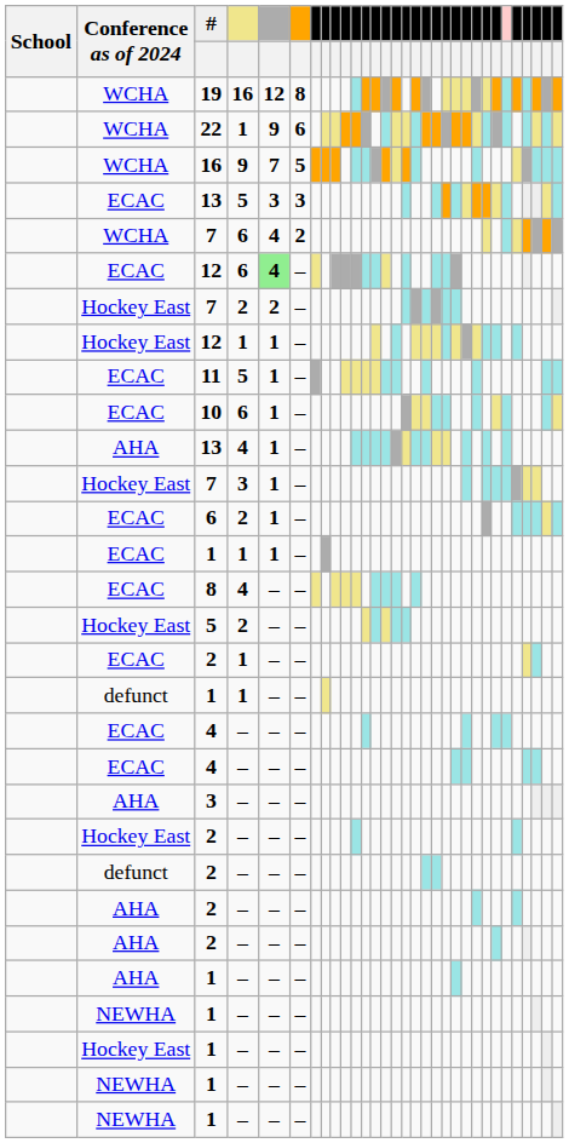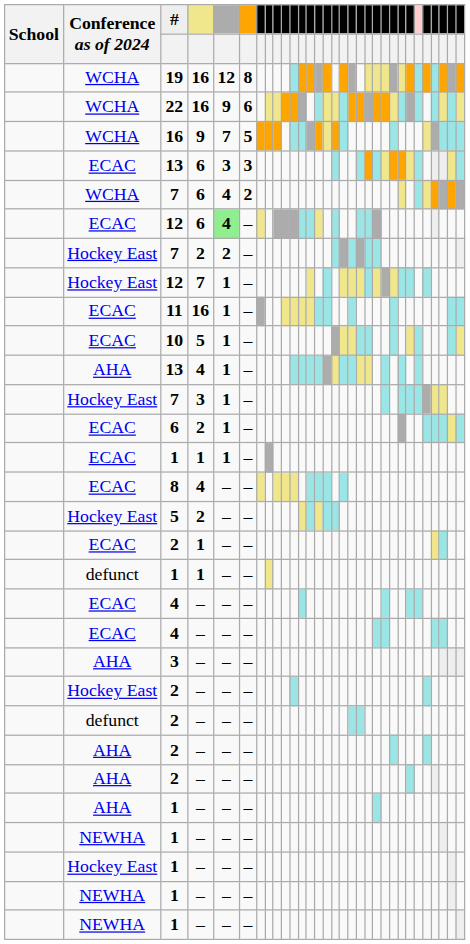 <table class="wikitable sortable sticky-table-head sticky-table-col1" style="font-size:90%; text-align: center;">
 <tr>
 <th rowspan=2>School</th>
 <th rowspan=2>Conference<br><em>as of 2024</em></th>
 <th style="background: #EEEEEE;">#</th>
 <th style="background: #F0E68C;"></th>
 <th style="background: #ACACAC;"></th>
 <th style="background: #FFA500;"></th>
 <th style="background: black;"><a href='#'></a></th>
 <th style="background: black;"><a href='#'></a></th>
 <th style="background: black;"><a href='#'></a></th>
 <th style="background: black;"><a href='#'></a></th>
 <th style="background: black;"><a href='#'></a></th>
 <th style="background: black;"><a href='#'></a></th>
 <th style="background: black;"><a href='#'></a></th>
 <th style="background: black;"><a href='#'></a></th>
 <th style="background: black;"><a href='#'></a></th>
 <th style="background: black;"><a href='#'></a></th>
 <th style="background: black;"><a href='#'></a></th>
 <th style="background: black;"><a href='#'></a></th>
 <th style="background: black;"><a href='#'></a></th>
 <th style="background: black;"><a href='#'></a></th>
 <th style="background: black;"><a href='#'></a></th>
 <th style="background: black;"><a href='#'></a></th>
 <th style="background: black;"><a href='#'></a></th>
 <th style="background: black;"><a href='#'></a></th>
 <th style="background: black;"><a href='#'></a></th>
 <th style="background: #FFCDCD;"><a href='#'></a></th>
 <th style="background: black;"><a href='#'></a></th>
 <th style="background: black;"><a href='#'></a></th>
 <th style="background: black;"><a href='#'></a></th>
 <th style="background: black;"><a href='#'></a></th>
 <th style="background: black;"><a href='#'></a></th>
 </tr>
 <tr>
 <th class="sticky-table-none"><br></th>
 <th></th>
 <th></th>
 <th></th>
 <th></th>
 <th></th>
 <th></th>
 <th></th>
 <th></th>
 <th></th>
 <th></th>
 <th></th>
 <th></th>
 <th></th>
 <th></th>
 <th></th>
 <th></th>
 <th></th>
 <th></th>
 <th></th>
 <th></th>
 <th></th>
 <th></th>
 <th></th>
 <th></th>
 <th></th>
 <th></th>
 <th></th>
 <th></th>
 </tr>
 <tr>
 <td><strong><a href='#'></a></strong></td>
 <td><a href='#'>WCHA</a></td>
 <td><strong>19</strong></td>
 <td><strong>16</strong></td>
 <td><strong>12</strong></td>
 <td><strong>8</strong></td>
 <td></td>
 <td></td>
 <td></td>
 <td></td>
 <td style="background:#9AE5E5"></td>
 <td style="background:#FFA500;"><strong></strong></td>
 <td style="background:#FFA500;"><strong></strong></td>
 <td style="background:#ACACAC"></td>
 <td style="background:#FFA500;"><strong></strong></td>
 <td></td>
 <td style="background:#FFA500;"><strong></strong></td>
 <td style="background:#ACACAC"></td>
 <td></td>
 <td style="background:#F0E68C"></td>
 <td style="background:#F0E68C"></td>
 <td style="background:#F0E68C"></td>
 <td style="background:#ACACAC"></td>
 <td style="background:#F0E68C"></td>
 <td style="background:#FFA500;"><strong></strong></td>
 <td style="background:#9AE5E5"></td>
 <td style="background:#FFA500;"><strong></strong></td>
 <td style="background:#9AE5E5"></td>
 <td style="background:#FFA500;"><strong></strong></td>
 <td style="background:#ACACAC"></td>
 <td style="background:#FFA500;"><strong></strong></td>
 </tr>
 <tr>
 <td><strong></strong></td>
 <td><a href='#'>WCHA</a></td>
 <td><strong>22</strong></td>
-<td><strong>1</strong></td>
+<td><strong>16</strong></td>
 <td><strong>9</strong></td>
 <td><strong>6</strong></td>
 <td></td>
 <td style="background:#F0E68C"></td>
 <td style="background:#F0E68C"></td>
 <td style="background:#FFA500;"><strong></strong></td>
 <td style="background:#FFA500;"><strong></strong></td>
 <td style="background:#ACACAC"></td>
 <td></td>
 <td style="background:#9AE5E5"></td>
 <td style="background:#F0E68C"></td>
 <td style="background:#F0E68C"></td>
 <td style="background:#9AE5E5"></td>
 <td style="background:#FFA500;"><strong></strong></td>
 <td style="background:#FFA500;"><strong></strong></td>
 <td style="background:#ACACAC"></td>
 <td style="background:#FFA500;"><strong></strong></td>
 <td style="background:#FFA500;"><strong></strong></td>
 <td style="background:#F0E68C"></td>
 <td style="background:#9AE5E5"></td>
 <td style="background:#ACACAC"></td>
 <td style="background:#9AE5E5"></td>
 <td></td>
 <td style="background:#9AE5E5"></td>
 <td style="background:#F0E68C"></td>
 <td style="background:#9AE5E5"></td>
 <td style="background:#F0E68C"></td>
 </tr>
 <tr>
 <td><strong></strong></td>
 <td><a href='#'>WCHA</a></td>
 <td><strong>16</strong></td>
 <td><strong>9</strong></td>
 <td><strong>7</strong></td>
 <td><strong>5</strong></td>
 <td style="background:#FFA500;"><strong></strong></td>
 <td style="background:#FFA500;"><strong></strong></td>
 <td style="background:#FFA500;"><strong></strong></td>
 <td></td>
 <td style="background:#9AE5E5"></td>
 <td style="background:#9AE5E5"></td>
 <td style="background:#ACACAC"></td>
 <td style="background:#FFA500;"><strong></strong></td>
 <td style="background:#F0E68C"></td>
 <td style="background:#FFA500;"><strong></strong></td>
 <td style="background:#9AE5E5"></td>
 <td></td>
 <td></td>
 <td></td>
 <td></td>
 <td></td>
 <td style="background:#9AE5E5"></td>
 <td></td>
 <td></td>
 <td></td>
 <td style="background:#F0E68C"></td>
 <td style="background:#ACACAC"></td>
 <td style="background:#9AE5E5"></td>
 <td style="background:#9AE5E5"></td>
 <td style="background:#9AE5E5"></td>
 </tr>
 <tr>
 <td><strong></strong></td>
 <td><a href='#'>ECAC</a></td>
 <td><strong>13</strong></td>
-<td><strong>5</strong></td>
+<td><strong>6</strong></td>
 <td><strong>3</strong></td>
 <td><strong>3</strong></td>
 <td></td>
 <td></td>
 <td></td>
 <td></td>
 <td></td>
 <td></td>
 <td></td>
 <td></td>
 <td></td>
 <td style="background:#9AE5E5"></td>
 <td></td>
 <td></td>
 <td style="background:#9AE5E5"></td>
 <td style="background:#FFA500;"><strong></strong></td>
 <td style="background:#9AE5E5"></td>
 <td style="background:#F0E68C"></td>
 <td style="background:#FFA500;"><strong></strong></td>
 <td style="background:#FFA500;"><strong></strong></td>
 <td style="background:#F0E68C"></td>
 <td style="background:#9AE5E5"></td>
 <td></td>
 <td style="background:#EEEEEE"></td>
 <td style="background:#EEEEEE"></td>
 <td style="background:#F0E68C"></td>
 <td style="background:#9AE5E5"></td>
 </tr>
 <tr>
 <td><strong><a href='#'></a></strong></td>
 <td><a href='#'>WCHA</a></td>
 <td><strong>7</strong></td>
 <td><strong>6</strong></td>
 <td><strong>4</strong></td>
 <td><strong>2</strong></td>
 <td></td>
 <td></td>
 <td></td>
 <td></td>
 <td></td>
 <td></td>
 <td></td>
 <td></td>
 <td></td>
 <td></td>
 <td></td>
 <td></td>
 <td></td>
 <td></td>
 <td></td>
 <td></td>
 <td></td>
 <td style="background:#F0E68C"></td>
 <td></td>
 <td style="background:#9AE5E5"></td>
 <td style="background:#F0E68C"></td>
 <td style="background:#FFA500;"><strong></strong></td>
 <td style="background:#ACACAC"></td>
 <td style="background:#FFA500;"><strong></strong></td>
 <td style="background:#ACACAC"></td>
 </tr>
 <tr>
 <td><strong><a href='#'></a></strong></td>
 <td><a href='#'>ECAC</a></td>
 <td><strong>12</strong></td>
 <td><strong>6</strong></td>
 <td style="background: lightgreen;"><strong>4</strong></td>
 <td>–</td>
 <td style="background:#F0E68C"></td>
 <td></td>
 <td style="background:#ACACAC"></td>
 <td style="background:#ACACAC"></td>
 <td style="background:#ACACAC"></td>
 <td style="background:#9AE5E5"></td>
 <td style="background:#9AE5E5"></td>
 <td style="background:#F0E68C"></td>
 <td></td>
 <td style="background:#9AE5E5"></td>
 <td></td>
 <td></td>
 <td style="background:#9AE5E5"></td>
 <td style="background:#9AE5E5"></td>
 <td style="background:#ACACAC"></td>
 <td></td>
 <td></td>
 <td></td>
 <td></td>
 <td></td>
 <td></td>
 <td style="background:#EEEEEE"></td>
 <td></td>
 <td></td>
 <td></td>
 </tr>
 <tr>
 <td><strong></strong></td>
 <td><a href='#'>Hockey East</a></td>
 <td><strong>7</strong></td>
 <td><strong>2</strong></td>
 <td><strong>2</strong></td>
 <td>–</td>
 <td></td>
 <td></td>
 <td></td>
 <td></td>
 <td></td>
 <td></td>
 <td></td>
 <td></td>
 <td></td>
 <td style="background:#9AE5E5"></td>
 <td style="background:#ACACAC"></td>
 <td style="background:#9AE5E5"></td>
 <td style="background:#ACACAC"></td>
 <td style="background:#9AE5E5"></td>
 <td style="background:#9AE5E5"></td>
 <td></td>
 <td></td>
 <td></td>
 <td></td>
 <td></td>
 <td></td>
 <td></td>
 <td></td>
 <td></td>
 <td style="background:#EEEEEE"></td>
 </tr>
 <tr>
 <td><strong></strong></td>
 <td><a href='#'>Hockey East</a></td>
 <td><strong>12</strong></td>
-<td><strong>1</strong></td>
+<td><strong>7</strong></td>
 <td><strong>1</strong></td>
 <td>–</td>
 <td></td>
 <td></td>
 <td></td>
 <td></td>
 <td></td>
 <td></td>
 <td style="background:#F0E68C"></td>
 <td></td>
 <td style="background:#9AE5E5"></td>
 <td></td>
 <td style="background:#F0E68C"></td>
 <td style="background:#F0E68C"></td>
 <td style="background:#F0E68C"></td>
 <td style="background:#9AE5E5"></td>
 <td style="background:#F0E68C"></td>
 <td style="background:#ACACAC"></td>
 <td style="background:#F0E68C"></td>
 <td style="background:#9AE5E5"></td>
 <td style="background:#9AE5E5"></td>
 <td></td>
 <td style="background:#9AE5E5"></td>
 <td></td>
 <td></td>
 <td></td>
 <td></td>
 </tr>
 <tr>
 <td><strong><a href='#'></a></strong></td>
 <td><a href='#'>ECAC</a></td>
 <td><strong>11</strong></td>
-<td><strong>5</strong></td>
+<td><strong>16</strong></td>
 <td><strong>1</strong></td>
 <td>–</td>
 <td style="background:#ACACAC"></td>
 <td></td>
 <td></td>
 <td style="background:#F0E68C"></td>
 <td style="background:#F0E68C"></td>
 <td style="background:#F0E68C"></td>
 <td style="background:#F0E68C"></td>
 <td style="background:#9AE5E5"></td>
 <td style="background:#9AE5E5"></td>
 <td></td>
 <td></td>
 <td style="background:#9AE5E5"></td>
 <td></td>
 <td></td>
 <td></td>
 <td></td>
 <td style="background:#9AE5E5"></td>
 <td></td>
 <td></td>
 <td></td>
 <td></td>
 <td></td>
 <td></td>
 <td style="background:#9AE5E5"></td>
 <td style="background:#9AE5E5"></td>
 </tr>
 <tr>
 <td><strong><a href='#'></a></strong></td>
 <td><a href='#'>ECAC</a></td>
 <td><strong>10</strong></td>
-<td><strong>6</strong></td>
+<td><strong>5</strong></td>
 <td><strong>1</strong></td>
 <td>–</td>
 <td></td>
 <td></td>
 <td></td>
 <td></td>
 <td></td>
 <td></td>
 <td></td>
 <td></td>
 <td></td>
 <td style="background:#ACACAC"></td>
 <td style="background:#F0E68C"></td>
 <td style="background:#F0E68C"></td>
 <td style="background:#9AE5E5"></td>
 <td style="background:#9AE5E5"></td>
 <td></td>
 <td></td>
 <td style="background:#9AE5E5"></td>
 <td></td>
 <td style="background:#F0E68C"></td>
 <td style="background:#9AE5E5"></td>
 <td></td>
 <td></td>
 <td></td>
 <td style="background:#9AE5E5"></td>
 <td style="background:#F0E68C"></td>
 </tr>
 <tr>
 <td><strong><a href='#'></a></strong></td>
 <td><a href='#'>AHA</a></td>
 <td><strong>13</strong></td>
 <td><strong>4</strong></td>
 <td><strong>1</strong></td>
 <td>–</td>
 <td></td>
 <td></td>
 <td></td>
 <td></td>
 <td style="background:#9AE5E5"></td>
 <td style="background:#9AE5E5"></td>
 <td style="background:#9AE5E5"></td>
 <td style="background:#9AE5E5"></td>
 <td style="background:#ACACAC"></td>
 <td style="background:#F0E68C"></td>
 <td style="background:#9AE5E5"></td>
 <td style="background:#9AE5E5"></td>
 <td style="background:#F0E68C"></td>
 <td style="background:#F0E68C"></td>
 <td></td>
 <td style="background:#9AE5E5"></td>
 <td></td>
 <td style="background:#9AE5E5"></td>
 <td></td>
 <td style="background:#9AE5E5"></td>
 <td></td>
 <td></td>
 <td></td>
 <td></td>
 <td></td>
 </tr>
 <tr>
 <td><strong><a href='#'></a></strong></td>
 <td><a href='#'>Hockey East</a></td>
 <td><strong>7</strong></td>
 <td><strong>3</strong></td>
 <td><strong>1</strong></td>
 <td>–</td>
 <td></td>
 <td></td>
 <td></td>
 <td></td>
 <td></td>
 <td></td>
 <td></td>
 <td></td>
 <td></td>
 <td></td>
 <td></td>
 <td></td>
 <td></td>
 <td></td>
 <td></td>
 <td style="background:#9AE5E5"></td>
 <td></td>
 <td style="background:#9AE5E5"></td>
 <td style="background:#9AE5E5"></td>
 <td style="background:#9AE5E5"></td>
 <td style="background:#ACACAC"></td>
 <td style="background:#F0E68C"></td>
 <td style="background:#F0E68C"></td>
 <td></td>
 <td></td>
 </tr>
 <tr>
 <td><strong><a href='#'></a></strong></td>
 <td><a href='#'>ECAC</a></td>
 <td><strong>6</strong></td>
 <td><strong>2</strong></td>
 <td><strong>1</strong></td>
 <td>–</td>
 <td></td>
 <td></td>
 <td></td>
 <td></td>
 <td></td>
 <td></td>
 <td></td>
 <td></td>
 <td></td>
 <td></td>
 <td></td>
 <td></td>
 <td></td>
 <td></td>
 <td></td>
 <td></td>
 <td></td>
 <td style="background:#ACACAC"></td>
 <td></td>
 <td></td>
 <td style="background:#9AE5E5"></td>
 <td style="background:#9AE5E5"></td>
 <td style="background:#9AE5E5"></td>
 <td style="background:#F0E68C"></td>
 <td style="background:#9AE5E5"></td>
 </tr>
 <tr>
 <td><strong><a href='#'></a></strong></td>
 <td><a href='#'>ECAC</a></td>
 <td><strong>1</strong></td>
 <td><strong>1</strong></td>
 <td><strong>1</strong></td>
 <td>–</td>
 <td></td>
 <td style="background:#ACACAC"></td>
 <td></td>
 <td></td>
 <td></td>
 <td></td>
 <td></td>
 <td></td>
 <td></td>
 <td></td>
 <td></td>
 <td></td>
 <td></td>
 <td></td>
 <td></td>
 <td></td>
 <td></td>
 <td></td>
 <td></td>
 <td></td>
 <td></td>
 <td></td>
 <td></td>
 <td></td>
 <td></td>
 </tr>
 <tr>
 <td><strong><a href='#'></a></strong></td>
 <td><a href='#'>ECAC</a></td>
 <td><strong>8</strong></td>
 <td><strong>4</strong></td>
 <td>–</td>
 <td>–</td>
 <td style="background:#F0E68C"></td>
 <td></td>
 <td style="background:#F0E68C"></td>
 <td style="background:#F0E68C"></td>
 <td style="background:#F0E68C"></td>
 <td></td>
 <td style="background:#9AE5E5"></td>
 <td style="background:#9AE5E5"></td>
 <td style="background:#9AE5E5"></td>
 <td></td>
 <td style="background:#9AE5E5"></td>
 <td></td>
 <td></td>
 <td></td>
 <td></td>
 <td></td>
 <td></td>
 <td></td>
 <td></td>
 <td></td>
 <td></td>
 <td></td>
 <td></td>
 <td></td>
 <td></td>
 </tr>
 <tr>
 <td><strong></strong></td>
 <td><a href='#'>Hockey East</a></td>
 <td><strong>5</strong></td>
 <td><strong>2</strong></td>
 <td>–</td>
 <td>–</td>
 <td></td>
 <td></td>
 <td></td>
 <td></td>
 <td></td>
 <td style="background:#F0E68C"></td>
 <td style="background:#9AE5E5"></td>
 <td style="background:#F0E68C"></td>
 <td style="background:#9AE5E5"></td>
 <td style="background:#9AE5E5"></td>
 <td></td>
 <td></td>
 <td></td>
 <td></td>
 <td></td>
 <td></td>
 <td></td>
 <td></td>
 <td></td>
 <td></td>
 <td></td>
 <td></td>
 <td></td>
 <td></td>
 <td></td>
 </tr>
 <tr>
 <td><strong><a href='#'></a></strong></td>
 <td><a href='#'>ECAC</a></td>
 <td><strong>2</strong></td>
 <td><strong>1</strong></td>
 <td>–</td>
 <td>–</td>
 <td></td>
 <td></td>
 <td></td>
 <td></td>
 <td></td>
 <td></td>
 <td></td>
 <td></td>
 <td></td>
 <td></td>
 <td></td>
 <td></td>
 <td></td>
 <td></td>
 <td></td>
 <td></td>
 <td></td>
 <td></td>
 <td></td>
 <td></td>
 <td></td>
 <td style="background:#F0E68C"></td>
 <td style="background:#9AE5E5"></td>
 <td></td>
 <td></td>
 </tr>
 <tr>
 <td><em><a href='#'></a></em></td>
 <td>defunct</td>
 <td><strong>1</strong></td>
 <td><strong>1</strong></td>
 <td>–</td>
 <td>–</td>
 <td></td>
 <td style="background:#F0E68C"></td>
 <td></td>
 <td></td>
 <td></td>
 <td></td>
 <td></td>
 <td></td>
 <td></td>
 <td></td>
 <td></td>
 <td></td>
 <td></td>
 <td></td>
 <td></td>
 <td></td>
 <td></td>
 <td></td>
 <td></td>
 <td></td>
 <td></td>
 <td></td>
 <td></td>
 <td></td>
 <td></td>
 </tr>
 <tr>
 <td><strong></strong></td>
 <td><a href='#'>ECAC</a></td>
 <td><strong>4</strong></td>
 <td>–</td>
 <td>–</td>
 <td>–</td>
 <td></td>
 <td></td>
 <td></td>
 <td></td>
 <td></td>
 <td style="background:#9AE5E5"></td>
 <td></td>
 <td></td>
 <td></td>
 <td></td>
 <td></td>
 <td></td>
 <td></td>
 <td></td>
 <td></td>
 <td style="background:#9AE5E5"></td>
 <td></td>
 <td></td>
 <td style="background:#9AE5E5"></td>
 <td style="background:#9AE5E5"></td>
 <td></td>
 <td></td>
 <td></td>
 <td></td>
 <td></td>
 </tr>
 <tr>
 <td><strong></strong></td>
 <td><a href='#'>ECAC</a></td>
 <td><strong>4</strong></td>
 <td>–</td>
 <td>–</td>
 <td>–</td>
 <td></td>
 <td></td>
 <td></td>
 <td></td>
 <td></td>
 <td></td>
 <td></td>
 <td></td>
 <td></td>
 <td></td>
 <td></td>
 <td></td>
 <td></td>
 <td></td>
 <td style="background:#9AE5E5"></td>
 <td style="background:#9AE5E5"></td>
 <td></td>
 <td></td>
 <td></td>
 <td></td>
 <td></td>
 <td style="background:#9AE5E5"></td>
 <td style="background:#9AE5E5"></td>
 <td></td>
 <td></td>
 </tr>
 <tr>
 <td><strong><a href='#'></a></strong></td>
 <td><a href='#'>AHA</a></td>
 <td><strong>3</strong></td>
 <td>–</td>
 <td>–</td>
 <td>–</td>
 <td></td>
 <td></td>
 <td></td>
 <td></td>
 <td></td>
 <td></td>
 <td></td>
 <td></td>
 <td></td>
 <td></td>
 <td></td>
 <td></td>
 <td></td>
 <td></td>
 <td></td>
 <td></td>
 <td></td>
 <td></td>
 <td></td>
 <td></td>
 <td></td>
 <td></td>
 <td style="background:#EEEEEE"></td>
 <td style="background:#EEEEEE"></td>
 <td style="background:#EEEEEE"></td>
 </tr>
 <tr>
 <td><strong></strong></td>
 <td><a href='#'>Hockey East</a></td>
 <td><strong>2</strong></td>
 <td>–</td>
 <td>–</td>
 <td>–</td>
 <td></td>
 <td></td>
 <td></td>
 <td></td>
 <td style="background:#9AE5E5"></td>
 <td></td>
 <td></td>
 <td></td>
 <td></td>
 <td></td>
 <td></td>
 <td></td>
 <td></td>
 <td></td>
 <td></td>
 <td></td>
 <td></td>
 <td></td>
 <td></td>
 <td></td>
 <td style="background:#9AE5E5"></td>
 <td></td>
 <td></td>
 <td></td>
 <td></td>
 </tr>
 <tr>
 <td><em><a href='#'></a></em></td>
 <td>defunct</td>
 <td><strong>2</strong></td>
 <td>–</td>
 <td>–</td>
 <td>–</td>
 <td></td>
 <td></td>
 <td></td>
 <td></td>
 <td></td>
 <td></td>
 <td></td>
 <td></td>
 <td></td>
 <td></td>
 <td></td>
 <td style="background:#9AE5E5"></td>
 <td style="background:#9AE5E5"></td>
 <td></td>
 <td></td>
 <td></td>
 <td></td>
 <td></td>
 <td></td>
 <td></td>
 <td></td>
 <td></td>
 <td></td>
 <td></td>
 <td></td>
 </tr>
 <tr>
 <td><strong><a href='#'></a></strong></td>
 <td><a href='#'>AHA</a></td>
 <td><strong>2</strong></td>
 <td>–</td>
 <td>–</td>
 <td>–</td>
 <td></td>
 <td></td>
 <td></td>
 <td></td>
 <td></td>
 <td></td>
 <td></td>
 <td></td>
 <td></td>
 <td></td>
 <td></td>
 <td></td>
 <td></td>
 <td></td>
 <td></td>
 <td></td>
 <td style="background:#9AE5E5"></td>
 <td></td>
 <td></td>
 <td></td>
 <td style="background:#9AE5E5"></td>
 <td></td>
 <td></td>
 <td></td>
 <td></td>
 </tr>
 <tr>
 <td><strong></strong></td>
 <td><a href='#'>AHA</a></td>
 <td><strong>2</strong></td>
 <td>–</td>
 <td>–</td>
 <td>–</td>
 <td></td>
 <td></td>
 <td></td>
 <td></td>
 <td></td>
 <td></td>
 <td></td>
 <td></td>
 <td></td>
 <td></td>
 <td></td>
 <td></td>
 <td></td>
 <td></td>
 <td></td>
 <td></td>
 <td></td>
 <td></td>
 <td style="background:#9AE5E5"></td>
 <td></td>
 <td></td>
 <td style="background:#EEEEEE"></td>
 <td></td>
 <td></td>
 <td></td>
 </tr>
 <tr>
 <td><strong><a href='#'></a></strong></td>
 <td><a href='#'>AHA</a></td>
 <td><strong>1</strong></td>
 <td>–</td>
 <td>–</td>
 <td>–</td>
 <td></td>
 <td></td>
 <td></td>
 <td></td>
 <td></td>
 <td></td>
 <td></td>
 <td></td>
 <td></td>
 <td></td>
 <td></td>
 <td></td>
 <td></td>
 <td></td>
 <td style="background:#9AE5E5"></td>
 <td></td>
 <td></td>
 <td></td>
 <td></td>
 <td></td>
 <td></td>
 <td></td>
 <td></td>
 <td></td>
 <td></td>
 </tr>
 <tr>
 <td><strong><a href='#'></a></strong></td>
 <td><a href='#'>NEWHA</a></td>
 <td><strong>1</strong></td>
 <td>–</td>
 <td>–</td>
 <td>–</td>
 <td></td>
 <td></td>
 <td></td>
 <td></td>
 <td></td>
 <td></td>
 <td></td>
 <td></td>
 <td></td>
 <td></td>
 <td></td>
 <td></td>
 <td></td>
 <td></td>
 <td></td>
 <td></td>
 <td></td>
 <td></td>
 <td></td>
 <td></td>
 <td></td>
 <td></td>
 <td style="background:#EEEEEE"></td>
 <td></td>
 <td></td>
 </tr>
 <tr>
 <td><strong><a href='#'></a></strong></td>
 <td><a href='#'>Hockey East</a></td>
 <td><strong>1</strong></td>
 <td>–</td>
 <td>–</td>
 <td>–</td>
 <td></td>
 <td></td>
 <td></td>
 <td></td>
 <td></td>
 <td></td>
 <td></td>
 <td></td>
 <td></td>
 <td></td>
 <td></td>
 <td></td>
 <td></td>
 <td></td>
 <td></td>
 <td></td>
 <td></td>
 <td></td>
 <td></td>
 <td></td>
 <td></td>
 <td></td>
 <td></td>
 <td style="background:#EEEEEE"></td>
 <td></td>
 </tr>
 <tr>
 <td><strong><a href='#'></a></strong></td>
 <td><a href='#'>NEWHA</a></td>
 <td><strong>1</strong></td>
 <td>–</td>
 <td>–</td>
 <td>–</td>
 <td></td>
 <td></td>
 <td></td>
 <td></td>
 <td></td>
 <td></td>
 <td></td>
 <td></td>
 <td></td>
 <td></td>
 <td></td>
 <td></td>
 <td></td>
 <td></td>
 <td></td>
 <td></td>
 <td></td>
 <td></td>
 <td></td>
 <td></td>
 <td></td>
 <td></td>
 <td></td>
 <td style="background:#EEEEEE"></td>
 <td></td>
 </tr>
 <tr>
 <td><strong><a href='#'></a></strong></td>
 <td><a href='#'>NEWHA</a></td>
 <td><strong>1</strong></td>
 <td>–</td>
 <td>–</td>
 <td>–</td>
 <td></td>
 <td></td>
 <td></td>
 <td></td>
 <td></td>
 <td></td>
 <td></td>
 <td></td>
 <td></td>
 <td></td>
 <td></td>
 <td></td>
 <td></td>
 <td></td>
 <td></td>
 <td></td>
 <td></td>
 <td></td>
 <td></td>
 <td></td>
 <td></td>
 <td></td>
 <td></td>
 <td></td>
 <td style="background:#EEEEEE"></td>
 </tr>
 </table>
